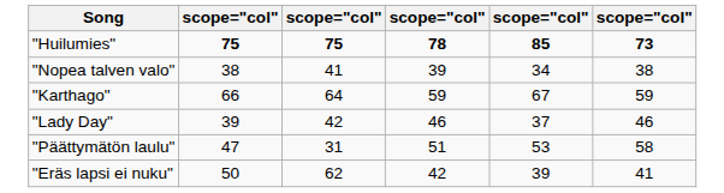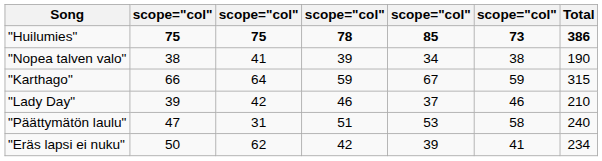 <table class="wikitable plainrowheaders" style="margin: 1em auto 1em auto; text-align:center;">
 <tr>
 <th scope="col">Song</th>
 <th>scope="col" </th>
 <th>scope="col" </th>
 <th>scope="col" </th>
 <th>scope="col" </th>
 <th>scope="col" </th>
+<th scope="col">Total</th>
 </tr>
 <tr>
 <td align="left">"Huilumies"</td>
 <td><strong>75</strong></td>
 <td><strong>75</strong></td>
 <td><strong>78</strong></td>
 <td><strong>85</strong></td>
 <td><strong>73</strong></td>
+<td><strong>386</strong></td>
 </tr>
 <tr>
 <td align="left">"Nopea talven valo"</td>
 <td>38</td>
 <td>41</td>
 <td>39</td>
 <td>34</td>
 <td>38</td>
+<td>190</td>
 </tr>
 <tr>
 <td align="left">"Karthago"</td>
 <td>66</td>
 <td>64</td>
 <td>59</td>
 <td>67</td>
 <td>59</td>
+<td>315</td>
 </tr>
 <tr>
 <td align="left">"Lady Day"</td>
 <td>39</td>
 <td>42</td>
 <td>46</td>
 <td>37</td>
 <td>46</td>
+<td>210</td>
 </tr>
 <tr>
 <td align="left">"Päättymätön laulu"</td>
 <td>47</td>
 <td>31</td>
 <td>51</td>
 <td>53</td>
 <td>58</td>
+<td>240</td>
 </tr>
 <tr>
 <td align="left">"Eräs lapsi ei nuku"</td>
 <td>50</td>
 <td>62</td>
 <td>42</td>
 <td>39</td>
 <td>41</td>
+<td>234</td>
 </tr>
 </table>
